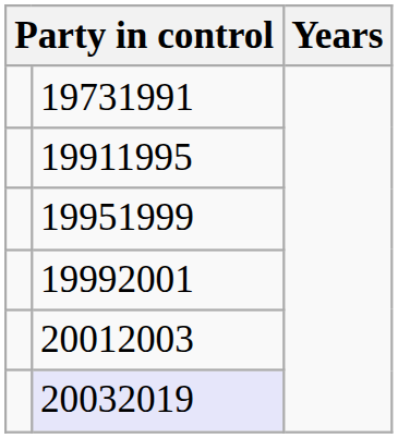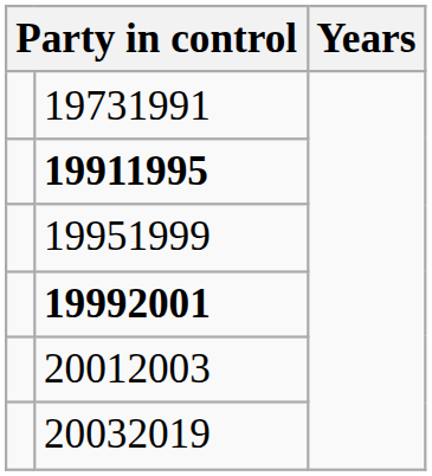 <table class="wikitable">
 <tr>
 <th colspan="2">Party in control</th>
 <th>Years</th>
 </tr>
 <tr>
 <td></td>
 <td>19731991</td>
 </tr>
 <tr>
 <td></td>
-<td>19911995</td>
+<td><strong>19911995</strong></td>
 </tr>
 <tr>
 <td></td>
 <td>19951999</td>
 </tr>
 <tr>
 <td></td>
-<td>19992001</td>
+<td><strong>19992001</strong></td>
 </tr>
 <tr>
 <td></td>
 <td>20012003</td>
 </tr>
 <tr>
 <td></td>
-<td style="background: lavender;">20032019</td>
+<td>20032019</td>
 </tr>
 </table>
